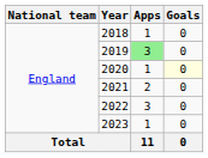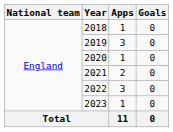 <table class="wikitable" style="text-align:center">
 <tr>
 <th>National team</th>
 <th>Year</th>
 <th>Apps</th>
 <th>Goals</th>
 </tr>
 <tr>
 <td rowspan="6"><a href='#'>England</a></td>
 <td>2018</td>
 <td>1</td>
 <td>0</td>
 </tr>
 <tr>
 <td>2019</td>
-<td style="background: lightgreen;">3</td>
+<td>3</td>
 <td>0</td>
 </tr>
 <tr>
 <td>2020</td>
 <td>1</td>
-<td style="background: lightyellow;">0</td>
+<td>0</td>
 </tr>
 <tr>
 <td>2021</td>
 <td>2</td>
 <td>0</td>
 </tr>
 <tr>
 <td>2022</td>
 <td>3</td>
 <td>0</td>
 </tr>
 <tr>
 <td>2023</td>
 <td>1</td>
 <td>0</td>
 </tr>
 <tr>
 <th colspan="2">Total</th>
 <th>11</th>
 <th>0</th>
 </tr>
 </table>
